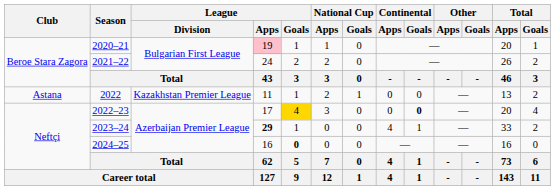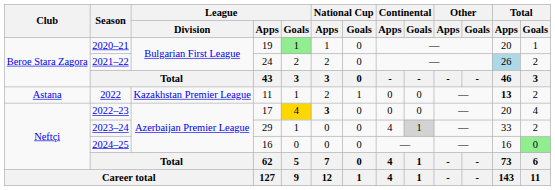 <table class="wikitable" style="text-align:center">
 <tr>
 <th rowspan="2">Club</th>
 <th rowspan="2">Season</th>
 <th colspan="3">League</th>
 <th colspan="2">National Cup</th>
 <th colspan="2">Continental</th>
 <th colspan="2">Other</th>
 <th colspan="2">Total</th>
 </tr>
 <tr>
 <th>Division</th>
 <th>Apps</th>
 <th>Goals</th>
 <th>Apps</th>
 <th>Goals</th>
 <th>Apps</th>
 <th>Goals</th>
 <th>Apps</th>
 <th>Goals</th>
 <th>Apps</th>
 <th>Goals</th>
 </tr>
 <tr>
 <td rowspan="3"><a href='#'>Beroe Stara Zagora</a></td>
 <td><a href='#'>2020–21</a></td>
 <td rowspan="2"><a href='#'>Bulgarian First League</a></td>
-<td style="background: pink;">19</td>
-<td>1</td>
+<td>19</td>
+<td style="background: lightgreen;">1</td>
 <td>1</td>
 <td>0</td>
 <td colspan="4">—</td>
 <td>20</td>
 <td>1</td>
 </tr>
 <tr>
 <td><a href='#'>2021–22</a></td>
 <td>24</td>
 <td>2</td>
 <td>2</td>
 <td>0</td>
 <td colspan="4">—</td>
-<td>26</td>
+<td style="background: lightblue;">26</td>
 <td>2</td>
 </tr>
 <tr>
 <th colspan="2">Total</th>
 <th>43</th>
 <th>3</th>
 <th>3</th>
 <th>0</th>
 <th>-</th>
 <th>-</th>
 <th>-</th>
 <th>-</th>
 <th>46</th>
 <th>3</th>
 </tr>
 <tr>
 <td><a href='#'>Astana</a></td>
 <td><a href='#'>2022</a></td>
 <td><a href='#'>Kazakhstan Premier League</a></td>
 <td>11</td>
 <td>1</td>
 <td>2</td>
 <td>1</td>
 <td>0</td>
 <td>0</td>
 <td colspan="2">—</td>
-<td>13</td>
+<td><strong>13</strong></td>
 <td>2</td>
 </tr>
 <tr>
 <td rowspan="4"><a href='#'>Neftçi</a></td>
 <td><a href='#'>2022–23</a></td>
 <td rowspan="3"><a href='#'>Azerbaijan Premier League</a></td>
 <td>17</td>
 <td style="background: gold;">4</td>
-<td>3</td>
+<td><strong>3</strong></td>
 <td>0</td>
 <td>0</td>
-<td><strong>0</strong></td>
+<td>0</td>
 <td colspan="2">—</td>
 <td>20</td>
 <td>4</td>
 </tr>
 <tr>
 <td><a href='#'>2023–24</a></td>
-<td><strong>29</strong></td>
+<td>29</td>
 <td>1</td>
 <td>0</td>
 <td>0</td>
 <td>4</td>
-<td>1</td>
+<td style="background: lightgrey;">1</td>
 <td colspan="2">—</td>
 <td>33</td>
 <td>2</td>
 </tr>
 <tr>
 <td><a href='#'>2024–25</a></td>
 <td>16</td>
-<td><strong>0</strong></td>
+<td>0</td>
 <td>0</td>
 <td>0</td>
 <td colspan="2">—</td>
 <td colspan="2">—</td>
 <td>16</td>
-<td>0</td>
+<td style="background: lightgreen;">0</td>
 </tr>
 <tr>
 <th colspan="2">Total</th>
 <th>62</th>
 <th>5</th>
 <th>7</th>
 <th>0</th>
 <th>4</th>
 <th>1</th>
 <th>-</th>
 <th>-</th>
 <th>73</th>
 <th>6</th>
 </tr>
 <tr>
 <th colspan="3">Career total</th>
 <th>127</th>
 <th>9</th>
 <th>12</th>
 <th>1</th>
 <th>4</th>
 <th>1</th>
 <th>-</th>
 <th>-</th>
 <th>143</th>
 <th>11</th>
 </tr>
 </table>
